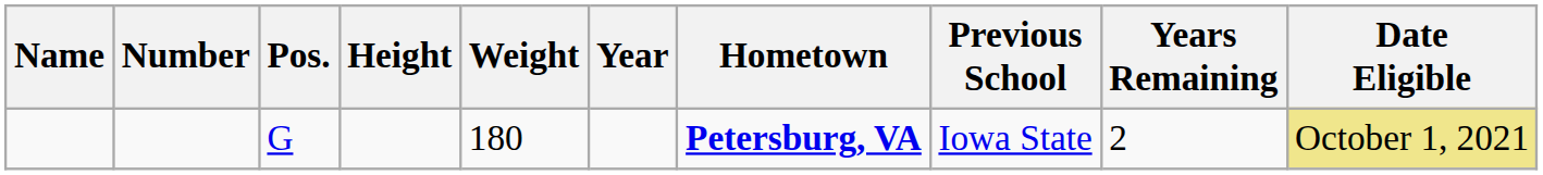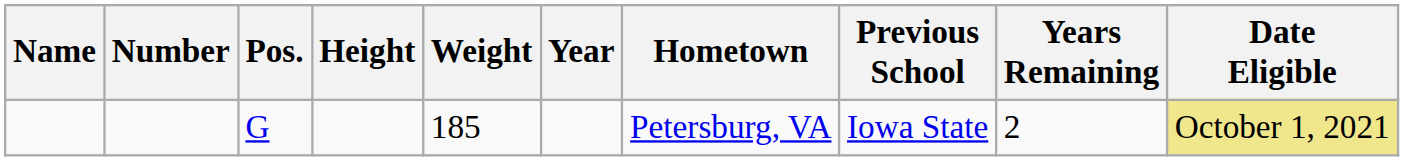 <table class="wikitable sortable" style="font-size:90%;" border="1">
 <tr>
 <th>Name</th>
 <th>Number</th>
 <th>Pos.</th>
 <th>Height</th>
 <th>Weight</th>
 <th>Year</th>
 <th>Hometown</th>
 <th ! class="unsortable">Previous<br>School</th>
 <th ! class="unsortable">Years<br>Remaining</th>
 <th ! class="unsortable">Date<br>Eligible</th>
 </tr>
 <tr>
 <td></td>
 <td></td>
 <td><a href='#'>G</a></td>
 <td></td>
-<td>180</td>
+<td>185</td>
 <td></td>
-<td><strong><a href='#'>Petersburg, VA</a></strong></td>
+<td><a href='#'>Petersburg, VA</a></td>
 <td><a href='#'>Iowa State</a></td>
 <td>2</td>
 <td style="background: khaki;">October 1, 2021</td>
 </tr>
 </table>
